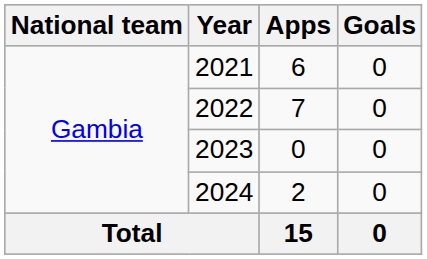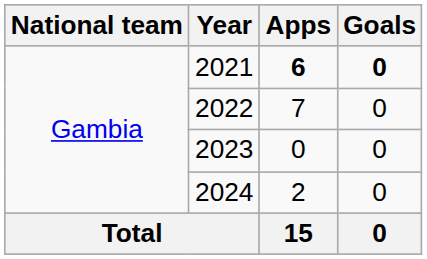 <table class="wikitable" style="text-align:center">
 <tr>
 <th>National team</th>
 <th>Year</th>
 <th>Apps</th>
 <th>Goals</th>
 </tr>
 <tr>
 <td rowspan="4"><a href='#'>Gambia</a></td>
 <td>2021</td>
-<td>6</td>
-<td>0</td>
+<td><strong>6</strong></td>
+<td><strong>0</strong></td>
 </tr>
 <tr>
 <td>2022</td>
 <td>7</td>
 <td>0</td>
 </tr>
 <tr>
 <td>2023</td>
 <td>0</td>
 <td>0</td>
 </tr>
 <tr>
 <td>2024</td>
 <td>2</td>
 <td>0</td>
 </tr>
 <tr>
 <th colspan="2">Total</th>
 <th>15</th>
 <th>0</th>
 </tr>
 </table>
